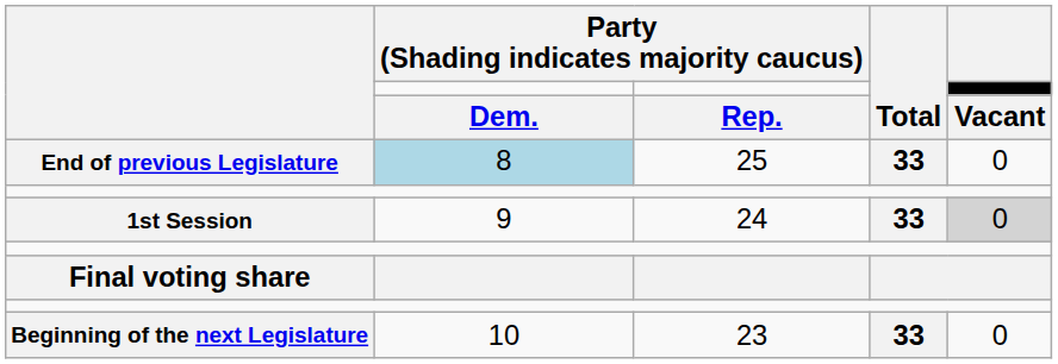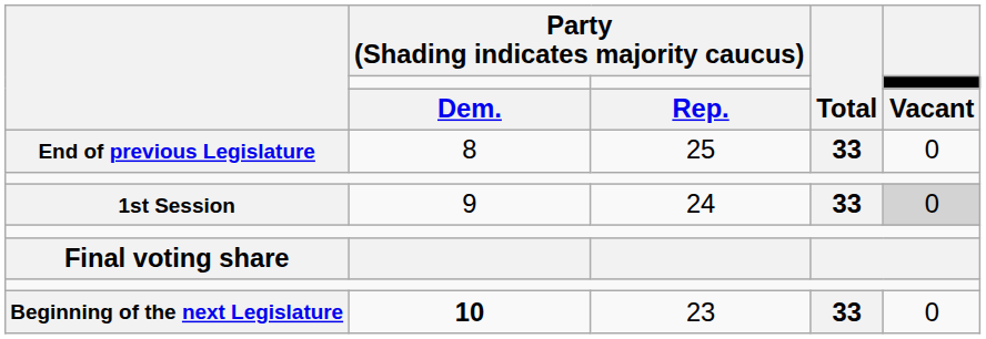 <table class=wikitable style="text-align:center">
 <tr style="vertical-align:bottom;">
 <th rowspan=3></th>
 <th colspan=2>Party <div>(Shading indicates majority caucus)</div></th>
 <th rowspan=3>Total</th>
 <th></th>
 </tr>
 <tr style="height:5px">
 <td style="background-color:"></td>
 <td style="background-color:"></td>
 <td style="background:black;"></td>
 </tr>
 <tr>
 <th><a href='#'>Dem.</a></th>
 <th><a href='#'>Rep.</a></th>
 <th>Vacant</th>
 </tr>
 <tr>
 <th style="font-size:80%;">End of <a href='#'>previous Legislature</a></th>
-<td style="background: lightblue;">8</td>
+<td>8</td>
 <td>25</td>
 <th>33</th>
 <td>0</td>
 </tr>
 <tr>
 <td colspan=6></td>
 </tr>
 <tr>
 <th style="font-size:80%;">1st Session</th>
 <td>9</td>
 <td>24</td>
 <th>33</th>
 <td style="background: lightgrey;">0</td>
 </tr>
 <tr>
 <td colspan=6></td>
 </tr>
 <tr>
 <th>Final voting share</th>
 <th></th>
 <th></th>
 <th colspan=2></th>
 </tr>
 <tr>
 <td colspan=6></td>
 </tr>
 <tr>
 <th style="font-size:80%;">Beginning of the <a href='#'>next Legislature</a></th>
-<td>10</td>
+<td><strong>10</strong></td>
 <td>23</td>
 <th>33</th>
 <td>0</td>
 </tr>
 </table>
